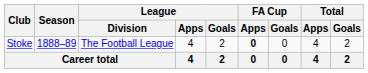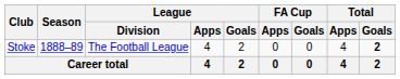 <table class="wikitable" style="text-align: center;">
 <tr>
 <th rowspan="2">Club</th>
 <th rowspan="2">Season</th>
 <th colspan="3">League</th>
 <th colspan="2">FA Cup</th>
 <th colspan="2">Total</th>
 </tr>
 <tr>
 <th>Division</th>
 <th>Apps</th>
 <th>Goals</th>
 <th>Apps</th>
 <th>Goals</th>
 <th>Apps</th>
 <th>Goals</th>
 </tr>
 <tr>
 <td><a href='#'>Stoke</a></td>
 <td><a href='#'>1888–89</a></td>
 <td><a href='#'>The Football League</a></td>
 <td>4</td>
 <td>2</td>
-<td><strong>0</strong></td>
+<td>0</td>
 <td>0</td>
 <td>4</td>
-<td>2</td>
+<td><strong>2</strong></td>
 </tr>
 <tr>
 <th colspan=3>Career total</th>
 <th>4</th>
 <th>2</th>
 <th>0</th>
 <th>0</th>
 <th>4</th>
 <th>2</th>
 </tr>
 </table>
